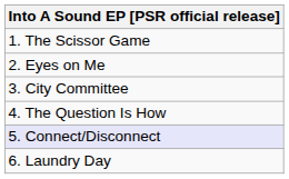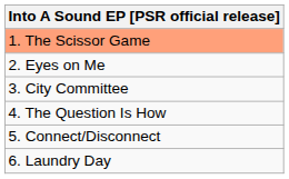 <table class="wikitable">
 <tr>
 <th>Into A Sound EP [PSR official release]</th>
 </tr>
 <tr>
-<td>1. The Scissor Game</td>
+<td style="background: lightsalmon;">1. The Scissor Game</td>
 </tr>
 <tr>
 <td>2. Eyes on Me</td>
 </tr>
 <tr>
 <td>3. City Committee</td>
 </tr>
 <tr>
 <td>4. The Question Is How</td>
 </tr>
 <tr>
-<td style="background: lavender;">5. Connect/Disconnect</td>
+<td>5. Connect/Disconnect</td>
 </tr>
 <tr>
 <td>6. Laundry Day</td>
 </tr>
 </table>
